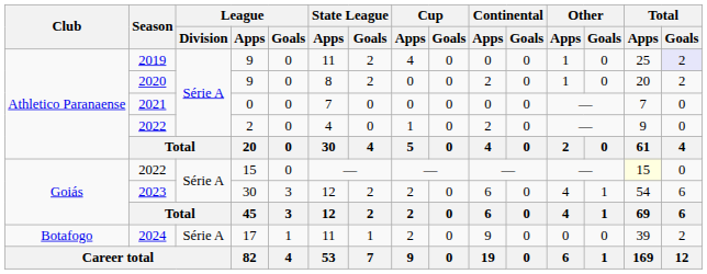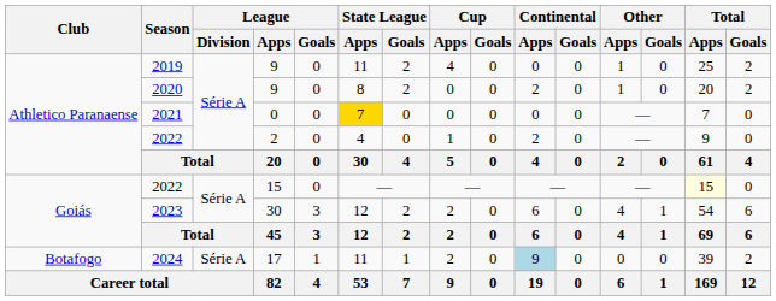 <table class="wikitable" style="text-align: center">
 <tr>
 <th rowspan="2">Club</th>
 <th rowspan="2">Season</th>
 <th colspan="3">League</th>
 <th colspan="2">State League</th>
 <th colspan="2">Cup</th>
 <th colspan="2">Continental</th>
 <th colspan="2">Other</th>
 <th colspan="2">Total</th>
 </tr>
 <tr>
 <th>Division</th>
 <th>Apps</th>
 <th>Goals</th>
 <th>Apps</th>
 <th>Goals</th>
 <th>Apps</th>
 <th>Goals</th>
 <th>Apps</th>
 <th>Goals</th>
 <th>Apps</th>
 <th>Goals</th>
 <th>Apps</th>
 <th>Goals</th>
 </tr>
 <tr>
 <td rowspan="5"><a href='#'>Athletico Paranaense</a></td>
 <td><a href='#'>2019</a></td>
 <td rowspan="4"><a href='#'>Série A</a></td>
 <td>9</td>
 <td>0</td>
 <td>11</td>
 <td>2</td>
 <td>4</td>
 <td>0</td>
 <td>0</td>
 <td>0</td>
 <td>1</td>
 <td>0</td>
 <td>25</td>
-<td style="background: lavender;">2</td>
+<td>2</td>
 </tr>
 <tr>
 <td><a href='#'>2020</a></td>
 <td>9</td>
 <td>0</td>
 <td>8</td>
 <td>2</td>
 <td>0</td>
 <td>0</td>
 <td>2</td>
 <td>0</td>
 <td>1</td>
 <td>0</td>
 <td>20</td>
 <td>2</td>
 </tr>
 <tr>
 <td><a href='#'>2021</a></td>
 <td>0</td>
 <td>0</td>
-<td>7</td>
+<td style="background: gold;">7</td>
 <td>0</td>
 <td>0</td>
 <td>0</td>
 <td>0</td>
 <td>0</td>
 <td colspan="2">—</td>
 <td>7</td>
 <td>0</td>
 </tr>
 <tr>
 <td><a href='#'>2022</a></td>
 <td>2</td>
 <td>0</td>
 <td>4</td>
 <td>0</td>
 <td>1</td>
 <td>0</td>
 <td>2</td>
 <td>0</td>
 <td colspan="2">—</td>
 <td>9</td>
 <td>0</td>
 </tr>
 <tr>
 <th colspan="2">Total</th>
 <th>20</th>
 <th>0</th>
 <th>30</th>
 <th>4</th>
 <th>5</th>
 <th>0</th>
 <th>4</th>
 <th>0</th>
 <th>2</th>
 <th>0</th>
 <th>61</th>
 <th>4</th>
 </tr>
 <tr>
 <td rowspan="3"><a href='#'>Goiás</a></td>
 <td>2022</td>
 <td rowspan="2">Série A</td>
 <td>15</td>
 <td>0</td>
 <td colspan="2">—</td>
 <td colspan="2">—</td>
 <td colspan="2">—</td>
 <td colspan="2">—</td>
 <td style="background: lightyellow;">15</td>
 <td>0</td>
 </tr>
 <tr>
 <td><a href='#'>2023</a></td>
 <td>30</td>
 <td>3</td>
 <td>12</td>
 <td>2</td>
 <td>2</td>
 <td>0</td>
 <td>6</td>
 <td>0</td>
 <td>4</td>
 <td>1</td>
 <td>54</td>
 <td>6</td>
 </tr>
 <tr>
 <th colspan="2">Total</th>
 <th>45</th>
 <th>3</th>
 <th>12</th>
 <th>2</th>
 <th>2</th>
 <th>0</th>
 <th>6</th>
 <th>0</th>
 <th>4</th>
 <th>1</th>
 <th>69</th>
 <th>6</th>
 </tr>
 <tr>
 <td><a href='#'>Botafogo</a></td>
 <td><a href='#'>2024</a></td>
 <td>Série A</td>
 <td>17</td>
 <td>1</td>
 <td>11</td>
 <td>1</td>
 <td>2</td>
 <td>0</td>
-<td>9</td>
+<td style="background: lightblue;">9</td>
 <td>0</td>
 <td>0</td>
 <td>0</td>
 <td>39</td>
 <td>2</td>
 </tr>
 <tr>
 <th colspan="3"><strong>Career total</strong></th>
 <th>82</th>
 <th>4</th>
 <th>53</th>
 <th>7</th>
 <th>9</th>
 <th>0</th>
 <th>19</th>
 <th>0</th>
 <th>6</th>
 <th>1</th>
 <th>169</th>
 <th>12</th>
 </tr>
 </table>
